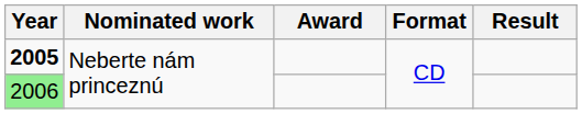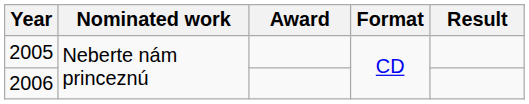 <table class="wikitable">
 <tr>
 <th width="32">Year</th>
 <th width="147">Nominated work</th>
 <th width="74">Award</th>
 <th width="57">Format</th>
 <th width="69">Result</th>
 </tr>
 <tr>
-<td><strong>2005</strong></td>
+<td>2005</td>
 <td rowspan="2">Neberte nám princeznú<em></td>
 <td></td>
 <td rowspan="2" align="center"><a href='#'>CD</a></td>
 <td></td>
 </tr>
 <tr>
-<td style="background: lightgreen;">2006</td>
+<td>2006</td>
 <td></td>
 <td></td>
 </tr>
 </table>
